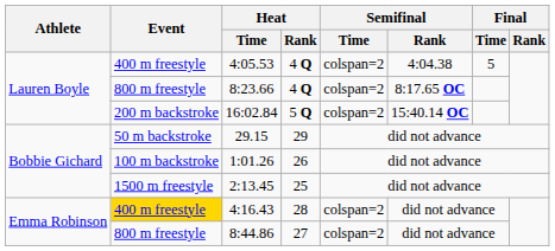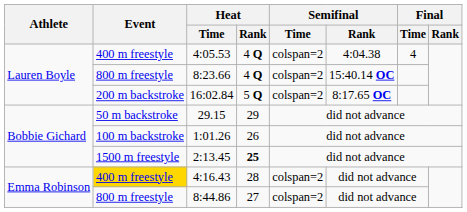 <table class=wikitable style="font-size:90%">
 <tr>
 <th rowspan="2">Athlete</th>
 <th rowspan="2">Event</th>
 <th colspan="2">Heat</th>
 <th colspan="2">Semifinal</th>
 <th colspan="2">Final</th>
 </tr>
 <tr style="font-size:95%">
 <th>Time</th>
 <th>Rank</th>
 <th>Time</th>
 <th>Rank</th>
 <th>Time</th>
 <th>Rank</th>
 </tr>
 <tr align=center>
 <td align=left rowspan=3><a href='#'>Lauren Boyle</a></td>
 <td align=left><a href='#'>400 m freestyle</a></td>
 <td>4:05.53</td>
 <td>4 <strong>Q</strong></td>
 <td>colspan=2 </td>
 <td>4:04.38</td>
-<td>5</td>
+<td>4</td>
 </tr>
 <tr align=center>
 <td align=left><a href='#'>800 m freestyle</a></td>
 <td>8:23.66</td>
 <td>4 <strong>Q</strong></td>
 <td>colspan=2 </td>
-<td>8:17.65 <strong><a href='#'>OC</a></strong></td>
+<td>15:40.14 <strong><a href='#'>OC</a></strong></td>
 <td></td>
 </tr>
 <tr align=center>
 <td align=left><a href='#'>200 m backstroke</a></td>
 <td>16:02.84</td>
 <td>5 <strong>Q</strong></td>
 <td>colspan=2 </td>
-<td>15:40.14 <strong><a href='#'>OC</a></strong></td>
+<td>8:17.65 <strong><a href='#'>OC</a></strong></td>
 <td></td>
 </tr>
 <tr align=center>
 <td align=left rowspan=3><a href='#'>Bobbie Gichard</a></td>
 <td align=left><a href='#'>50 m backstroke</a></td>
 <td>29.15</td>
 <td>29</td>
 <td colspan=4>did not advance</td>
 </tr>
 <tr align=center>
 <td align=left><a href='#'>100 m backstroke</a></td>
 <td>1:01.26</td>
 <td>26</td>
 <td colspan=4>did not advance</td>
 </tr>
 <tr align=center>
 <td align=left><a href='#'>1500 m freestyle</a></td>
 <td>2:13.45</td>
-<td>25</td>
+<td><strong>25</strong></td>
 <td colspan=4>did not advance</td>
 </tr>
 <tr align=center>
 <td align=left rowspan=2><a href='#'>Emma Robinson</a></td>
 <td align=left style="background: gold;"><a href='#'>400 m freestyle</a></td>
 <td>4:16.43</td>
 <td>28</td>
 <td>colspan=2 </td>
 <td colspan=2>did not advance</td>
 </tr>
 <tr align=center>
 <td align=left><a href='#'>800 m freestyle</a></td>
 <td>8:44.86</td>
 <td>27</td>
 <td>colspan=2 </td>
 <td colspan=2>did not advance</td>
 </tr>
 </table>
